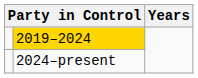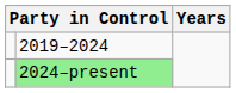 <table class="wikitable">
 <tr>
 <th colspan="2">Party in Control</th>
 <th>Years</th>
 </tr>
 <tr>
 <td></td>
-<td style="background: gold;">2019–2024</td>
+<td>2019–2024</td>
 </tr>
 <tr>
 <td></td>
-<td>2024–present</td>
+<td style="background: lightgreen;">2024–present</td>
 </tr>
 </table>
